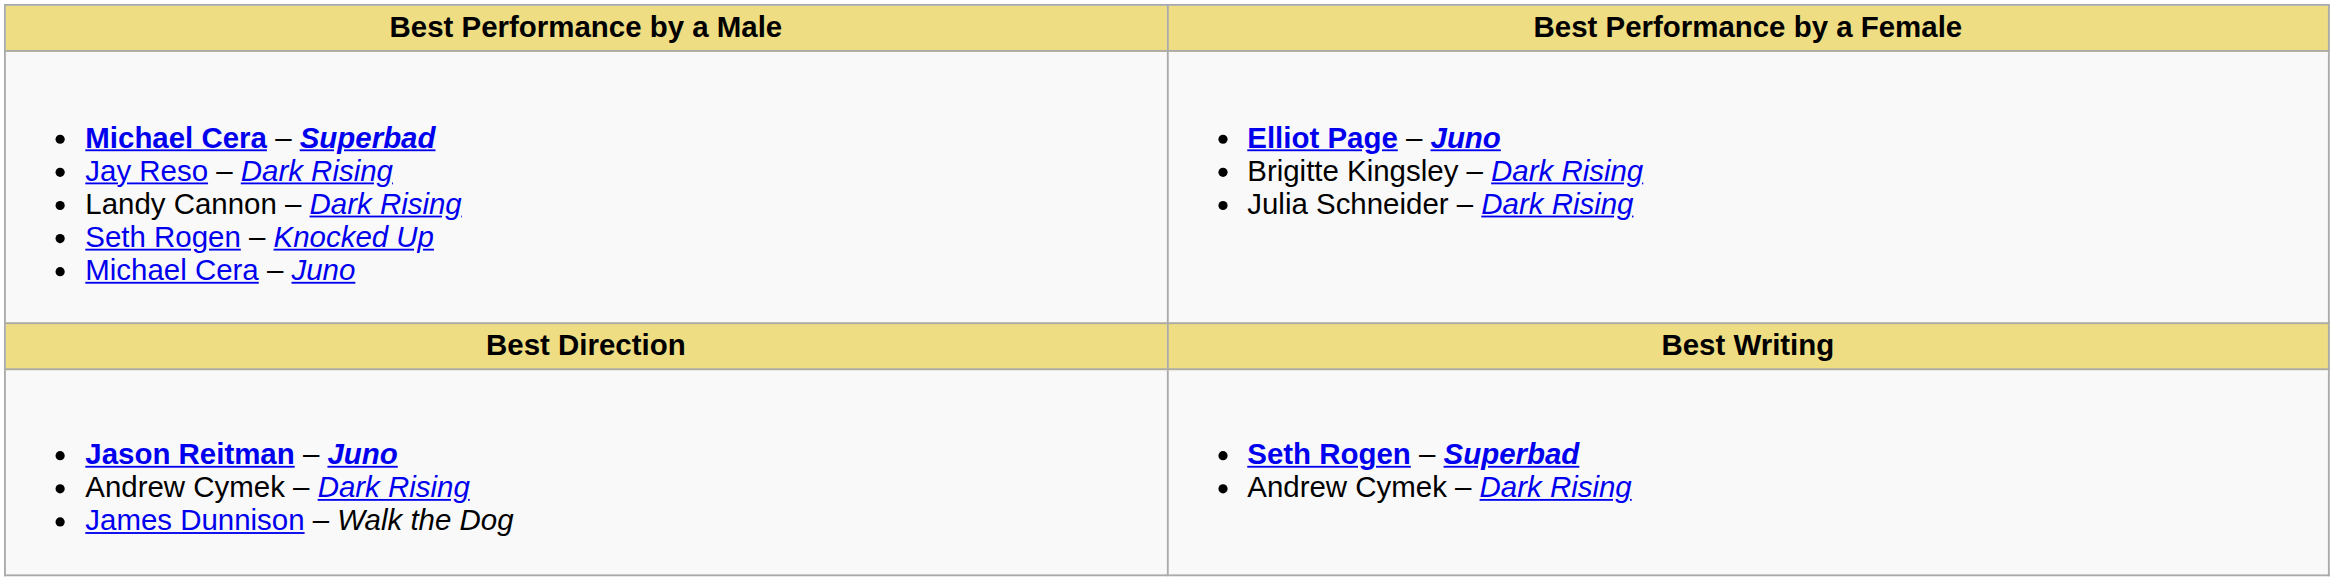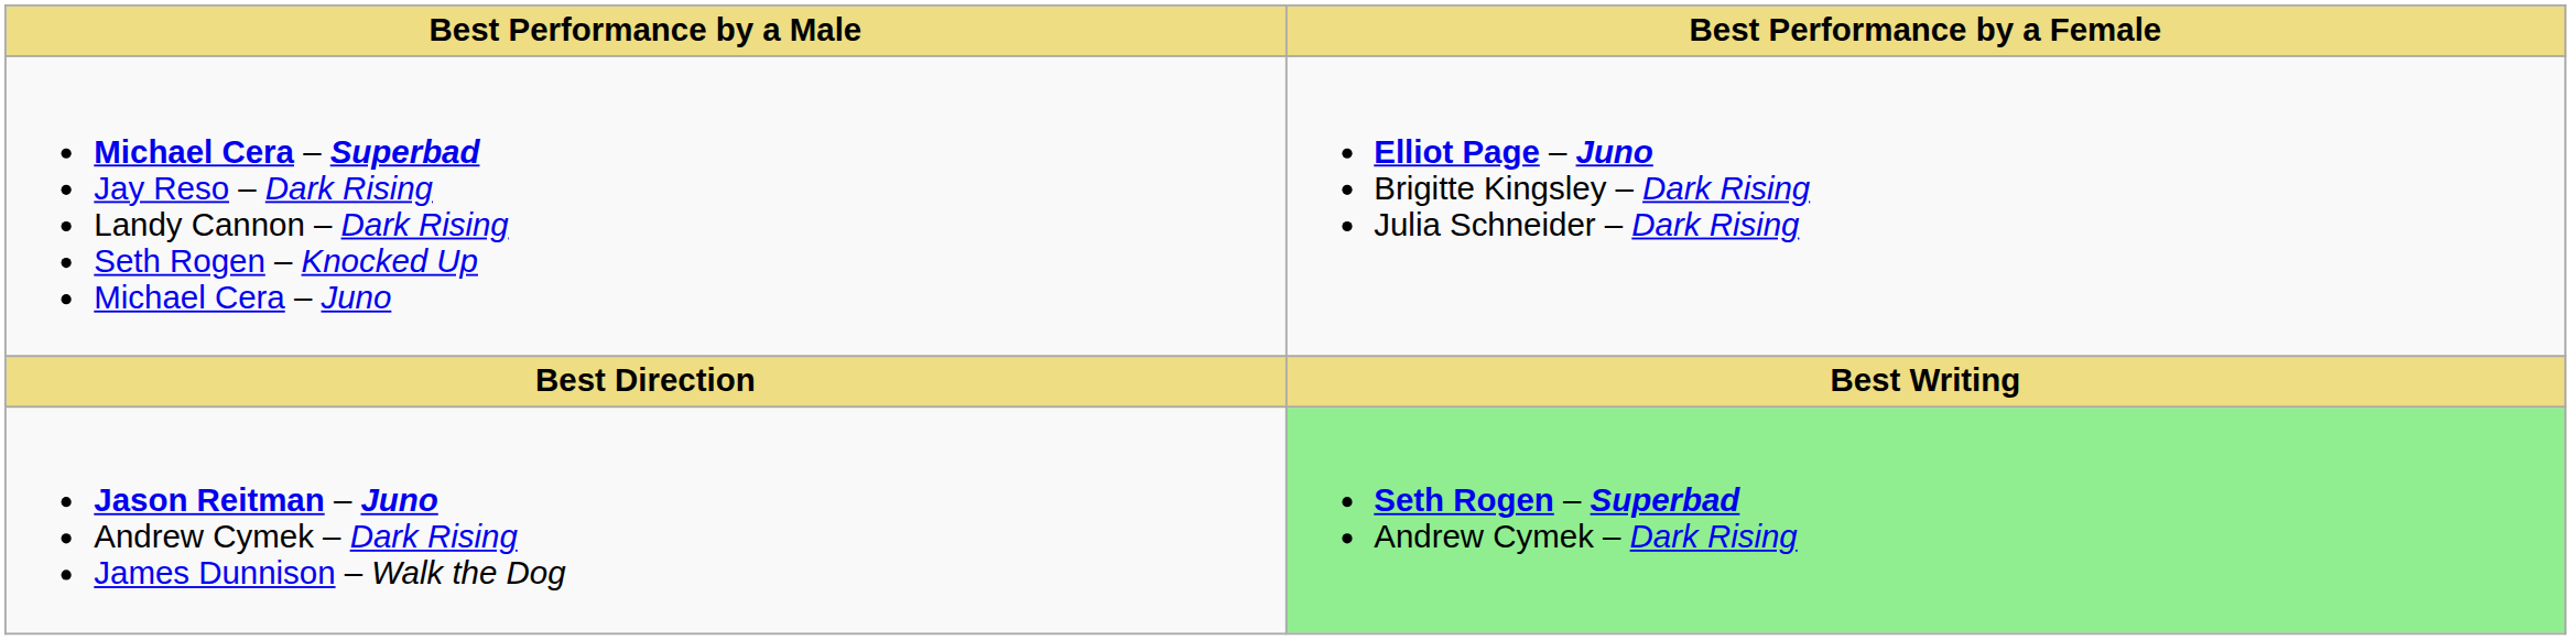 <table class="wikitable" style="width:100%">
 <tr>
 <th style="background:#EEDD82; width:50%">Best Performance by a Male</th>
 <th style="background:#EEDD82; width:50%">Best Performance by a Female</th>
 </tr>
 <tr>
 <td valign="top"><br><ul><li> <strong><a href='#'>Michael Cera</a></strong> – <strong><em><a href='#'>Superbad</a></em></strong></li><li><a href='#'>Jay Reso</a> – <em><a href='#'>Dark Rising</a></em></li><li>Landy Cannon – <em><a href='#'>Dark Rising</a></em></li><li><a href='#'>Seth Rogen</a> – <em><a href='#'>Knocked Up</a></em></li><li><a href='#'>Michael Cera</a> – <em><a href='#'>Juno</a></em></li></ul></td>
 <td valign="top"><br><ul><li> <strong><a href='#'>Elliot Page</a></strong> – <strong><em><a href='#'>Juno</a></em></strong></li><li>Brigitte Kingsley – <em><a href='#'>Dark Rising</a></em></li><li>Julia Schneider – <em><a href='#'>Dark Rising</a></em></li></ul></td>
 </tr>
 <tr>
 <th style="background:#EEDD82; width:50%">Best Direction</th>
 <th style="background:#EEDD82; width:50%">Best Writing</th>
 </tr>
 <tr>
 <td valign="top"><br><ul><li> <strong><a href='#'>Jason Reitman</a></strong> – <strong><em><a href='#'>Juno</a></em></strong></li><li>Andrew Cymek – <em><a href='#'>Dark Rising</a></em></li><li><a href='#'>James Dunnison</a> – <em>Walk the Dog</em></li></ul></td>
-<td valign="top"><br><ul><li> <strong><a href='#'>Seth Rogen</a></strong> – <strong><em><a href='#'>Superbad</a></em></strong></li><li>Andrew Cymek – <em><a href='#'>Dark Rising</a></em></li></ul></td>
+<td valign="top" style="background: lightgreen;"><br><ul><li> <strong><a href='#'>Seth Rogen</a></strong> – <strong><em><a href='#'>Superbad</a></em></strong></li><li>Andrew Cymek – <em><a href='#'>Dark Rising</a></em></li></ul></td>
 </tr>
 </table>
